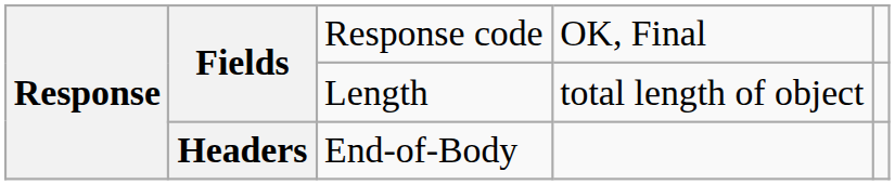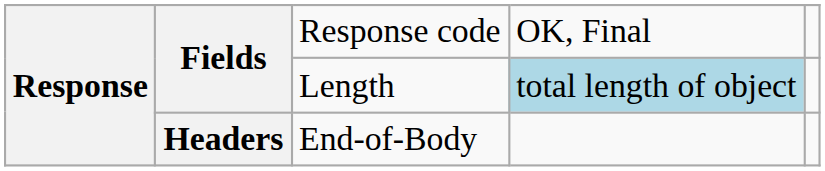 <table class="wikitable">
 <tr>
 <th rowspan=3>Response</th>
 <th rowspan=2>Fields</th>
 <td>Response code</td>
 <td>OK, Final</td>
 <td></td>
 </tr>
 <tr>
 <td>Length</td>
-<td>total length of object</td>
+<td style="background: lightblue;">total length of object</td>
 <td></td>
 </tr>
 <tr>
 <th rowspan=1>Headers</th>
 <td>End-of-Body</td>
 <td></td>
 <td></td>
 </tr>
 </table>
